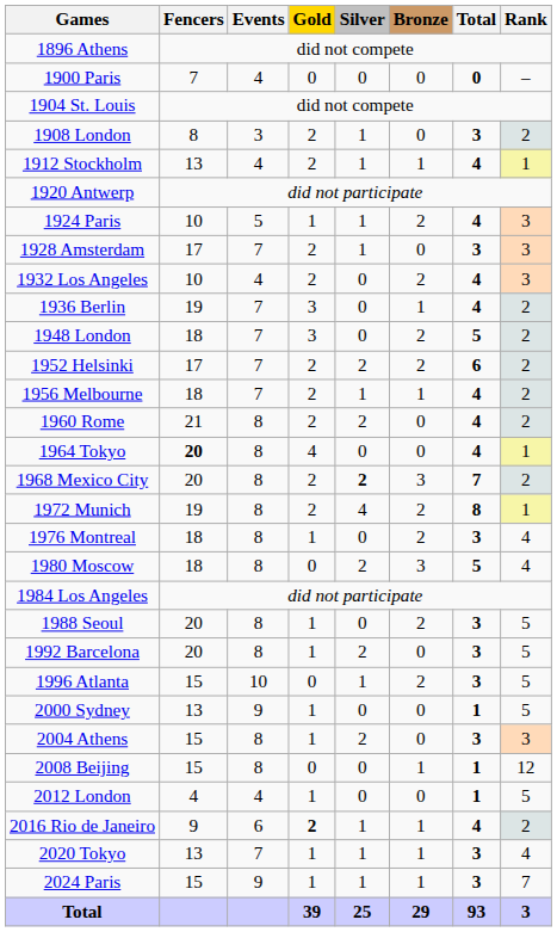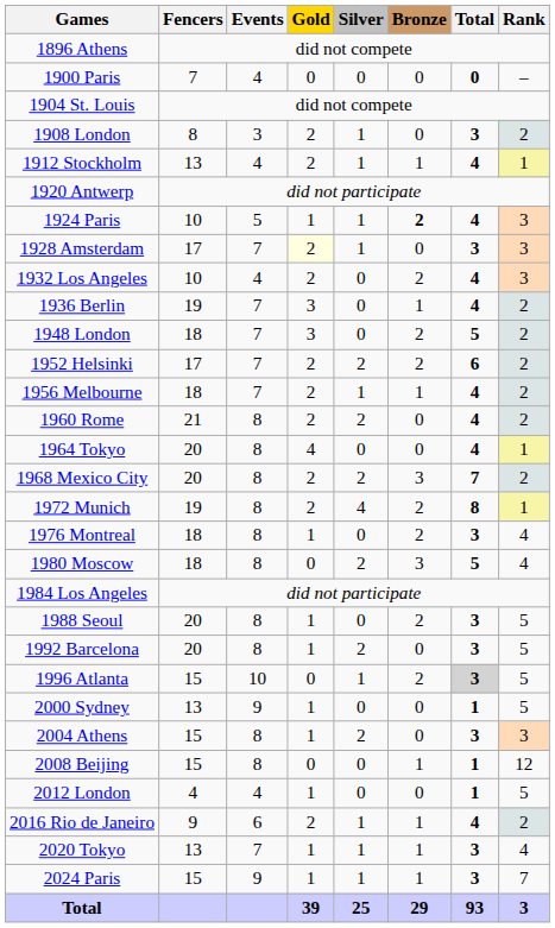 <table class="wikitable sortable collapsible collapsed">
 <tr>
 <th>Games</th>
 <th>Fencers</th>
 <th>Events</th>
 <th style="text-align:center; background-color:gold;">Gold</th>
 <th style="text-align:center; background-color:silver;">Silver</th>
 <th style="text-align:center; background-color:#c96;">Bronze</th>
 <th>Total</th>
 <th>Rank</th>
 </tr>
 <tr align=center>
 <td><a href='#'>1896 Athens</a></td>
 <td colspan=7>did not compete</td>
 </tr>
 <tr align=center>
 <td><a href='#'>1900 Paris</a></td>
 <td>7</td>
 <td>4</td>
 <td>0</td>
 <td>0</td>
 <td>0</td>
 <td><strong>0</strong></td>
 <td>–</td>
 </tr>
 <tr align=center>
 <td><a href='#'>1904 St. Louis</a></td>
 <td colspan=7>did not compete</td>
 </tr>
 <tr align=center>
 <td><a href='#'>1908 London</a></td>
 <td>8</td>
 <td>3</td>
 <td>2</td>
 <td>1</td>
 <td>0</td>
 <td><strong>3</strong></td>
 <td bgcolor=dce5e5>2</td>
 </tr>
 <tr align=center>
 <td><a href='#'>1912 Stockholm</a></td>
 <td>13</td>
 <td>4</td>
 <td>2</td>
 <td>1</td>
 <td>1</td>
 <td><strong>4</strong></td>
 <td bgcolor=f7f6a8>1</td>
 </tr>
 <tr align=center>
 <td><a href='#'>1920 Antwerp</a></td>
 <td colspan=7><em>did not participate</em></td>
 </tr>
 <tr align=center>
 <td><a href='#'>1924 Paris</a></td>
 <td>10</td>
 <td>5</td>
 <td>1</td>
 <td>1</td>
-<td>2</td>
+<td><strong>2</strong></td>
 <td><strong>4</strong></td>
 <td bgcolor=ffdab9>3</td>
 </tr>
 <tr align=center>
 <td><a href='#'>1928 Amsterdam</a></td>
 <td>17</td>
 <td>7</td>
-<td>2</td>
+<td style="background: lightyellow;">2</td>
 <td>1</td>
 <td>0</td>
 <td><strong>3</strong></td>
 <td bgcolor=ffdab9>3</td>
 </tr>
 <tr align=center>
 <td><a href='#'>1932 Los Angeles</a></td>
 <td>10</td>
 <td>4</td>
 <td>2</td>
 <td>0</td>
 <td>2</td>
 <td><strong>4</strong></td>
 <td bgcolor=ffdab9>3</td>
 </tr>
 <tr align=center>
 <td><a href='#'>1936 Berlin</a></td>
 <td>19</td>
 <td>7</td>
 <td>3</td>
 <td>0</td>
 <td>1</td>
 <td><strong>4</strong></td>
 <td bgcolor=dce5e5>2</td>
 </tr>
 <tr align=center>
 <td><a href='#'>1948 London</a></td>
 <td>18</td>
 <td>7</td>
 <td>3</td>
 <td>0</td>
 <td>2</td>
 <td><strong>5</strong></td>
 <td bgcolor=dce5e5>2</td>
 </tr>
 <tr align=center>
 <td><a href='#'>1952 Helsinki</a></td>
 <td>17</td>
 <td>7</td>
 <td>2</td>
 <td>2</td>
 <td>2</td>
 <td><strong>6</strong></td>
 <td bgcolor=dce5e5>2</td>
 </tr>
 <tr align=center>
 <td><a href='#'>1956 Melbourne</a></td>
 <td>18</td>
 <td>7</td>
 <td>2</td>
 <td>1</td>
 <td>1</td>
 <td><strong>4</strong></td>
 <td bgcolor=dce5e5>2</td>
 </tr>
 <tr align=center>
 <td><a href='#'>1960 Rome</a></td>
 <td>21</td>
 <td>8</td>
 <td>2</td>
 <td>2</td>
 <td>0</td>
 <td><strong>4</strong></td>
 <td bgcolor=dce5e5>2</td>
 </tr>
 <tr align=center>
 <td><a href='#'>1964 Tokyo</a></td>
-<td><strong>20</strong></td>
+<td>20</td>
 <td>8</td>
 <td>4</td>
 <td>0</td>
 <td>0</td>
 <td><strong>4</strong></td>
 <td bgcolor=f7f6a8>1</td>
 </tr>
 <tr align=center>
 <td><a href='#'>1968 Mexico City</a></td>
 <td>20</td>
 <td>8</td>
 <td>2</td>
-<td><strong>2</strong></td>
+<td>2</td>
 <td>3</td>
 <td><strong>7</strong></td>
 <td bgcolor=dce5e5>2</td>
 </tr>
 <tr align=center>
 <td><a href='#'>1972 Munich</a></td>
 <td>19</td>
 <td>8</td>
 <td>2</td>
 <td>4</td>
 <td>2</td>
 <td><strong>8</strong></td>
 <td bgcolor=f7f6a8>1</td>
 </tr>
 <tr align=center>
 <td><a href='#'>1976 Montreal</a></td>
 <td>18</td>
 <td>8</td>
 <td>1</td>
 <td>0</td>
 <td>2</td>
 <td><strong>3</strong></td>
 <td>4</td>
 </tr>
 <tr align=center>
 <td><a href='#'>1980 Moscow</a></td>
 <td>18</td>
 <td>8</td>
 <td>0</td>
 <td>2</td>
 <td>3</td>
 <td><strong>5</strong></td>
 <td>4</td>
 </tr>
 <tr align=center>
 <td><a href='#'>1984 Los Angeles</a></td>
 <td colspan=7><em>did not participate</em></td>
 </tr>
 <tr align=center>
 <td><a href='#'>1988 Seoul</a></td>
 <td>20</td>
 <td>8</td>
 <td>1</td>
 <td>0</td>
 <td>2</td>
 <td><strong>3</strong></td>
 <td>5</td>
 </tr>
 <tr align=center>
 <td><a href='#'>1992 Barcelona</a></td>
 <td>20</td>
 <td>8</td>
 <td>1</td>
 <td>2</td>
 <td>0</td>
 <td><strong>3</strong></td>
 <td>5</td>
 </tr>
 <tr align=center>
 <td><a href='#'>1996 Atlanta</a></td>
 <td>15</td>
 <td>10</td>
 <td>0</td>
 <td>1</td>
 <td>2</td>
-<td><strong>3</strong></td>
+<td style="background: lightgrey;"><strong>3</strong></td>
 <td>5</td>
 </tr>
 <tr align=center>
 <td><a href='#'>2000 Sydney</a></td>
 <td>13</td>
 <td>9</td>
 <td>1</td>
 <td>0</td>
 <td>0</td>
 <td><strong>1</strong></td>
 <td>5</td>
 </tr>
 <tr align=center>
 <td><a href='#'>2004 Athens</a></td>
 <td>15</td>
 <td>8</td>
 <td>1</td>
 <td>2</td>
 <td>0</td>
 <td><strong>3</strong></td>
 <td bgcolor=ffdab9>3</td>
 </tr>
 <tr align=center>
 <td><a href='#'>2008 Beijing</a></td>
 <td>15</td>
 <td>8</td>
 <td>0</td>
 <td>0</td>
 <td>1</td>
 <td><strong>1</strong></td>
 <td>12</td>
 </tr>
 <tr align=center>
 <td><a href='#'>2012 London</a></td>
 <td>4</td>
 <td>4</td>
 <td>1</td>
 <td>0</td>
 <td>0</td>
 <td><strong>1</strong></td>
 <td>5</td>
 </tr>
 <tr align=center>
 <td><a href='#'>2016 Rio de Janeiro</a></td>
 <td>9</td>
 <td>6</td>
-<td><strong>2</strong></td>
+<td>2</td>
 <td>1</td>
 <td>1</td>
 <td><strong>4</strong></td>
 <td bgcolor=dce5e5>2</td>
 </tr>
 <tr align=center>
 <td><a href='#'>2020 Tokyo</a></td>
 <td>13</td>
 <td>7</td>
 <td>1</td>
 <td>1</td>
 <td>1</td>
 <td><strong>3</strong></td>
 <td>4</td>
 </tr>
 <tr align=center>
 <td><a href='#'>2024 Paris</a></td>
 <td>15</td>
 <td>9</td>
 <td>1</td>
 <td>1</td>
 <td>1</td>
 <td><strong>3</strong></td>
 <td>7</td>
 </tr>
 <tr style="text-align:center; background-color:#ccf;">
 <td><strong>Total</strong></td>
 <td></td>
 <td></td>
 <td><strong>39</strong></td>
 <td><strong>25</strong></td>
 <td><strong>29</strong></td>
 <td><strong>93</strong></td>
 <td><strong>3</strong></td>
 </tr>
 </table>
